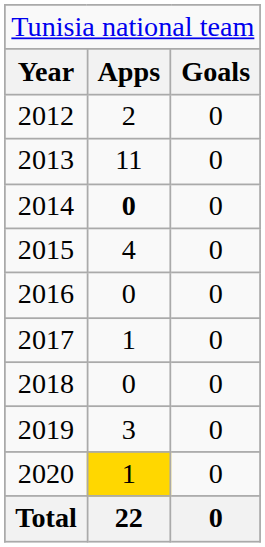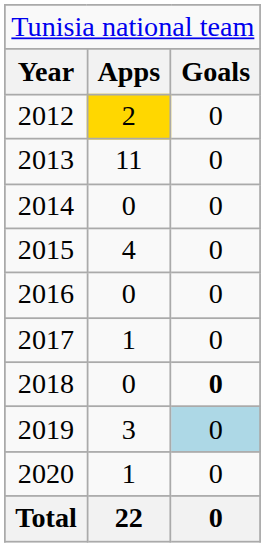 <table class="wikitable" style="text-align:center">
 <tr>
 <td colspan="3"><a href='#'>Tunisia national team</a></td>
 </tr>
 <tr>
 <th>Year</th>
 <th>Apps</th>
 <th>Goals</th>
 </tr>
 <tr>
 <td>2012</td>
-<td>2</td>
+<td style="background: gold;">2</td>
 <td>0</td>
 </tr>
 <tr>
 <td>2013</td>
 <td>11</td>
 <td>0</td>
 </tr>
 <tr>
 <td>2014</td>
-<td><strong>0</strong></td>
+<td>0</td>
 <td>0</td>
 </tr>
 <tr>
 <td>2015</td>
 <td>4</td>
 <td>0</td>
 </tr>
 <tr>
 <td>2016</td>
 <td>0</td>
 <td>0</td>
 </tr>
 <tr>
 <td>2017</td>
 <td>1</td>
 <td>0</td>
 </tr>
 <tr>
 <td>2018</td>
 <td>0</td>
-<td>0</td>
+<td><strong>0</strong></td>
 </tr>
 <tr>
 <td>2019</td>
 <td>3</td>
-<td>0</td>
+<td style="background: lightblue;">0</td>
 </tr>
 <tr>
 <td>2020</td>
-<td style="background: gold;">1</td>
+<td>1</td>
 <td>0</td>
 </tr>
 <tr>
 <th>Total</th>
 <th>22</th>
 <th>0</th>
 </tr>
 </table>
